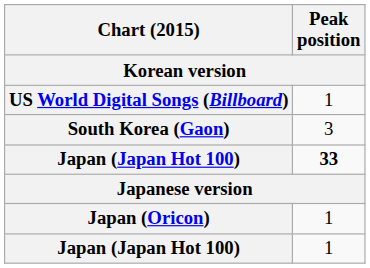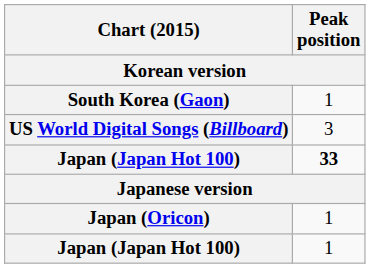 <table class="wikitable plainrowheaders" style="text-align:center;">
 <tr>
 <th>Chart (2015)</th>
 <th scope="col">Peak<br>position</th>
 </tr>
 <tr>
 <th colspan=2>Korean version</th>
 </tr>
 <tr>
-<th scope=row>US <a href='#'>World Digital Songs</a> (<em><a href='#'>Billboard</a></em>)</th>
+<th scope=row>South Korea (<a href='#'>Gaon</a>)</th>
 <td>1</td>
 </tr>
 <tr>
-<th scope=row>South Korea (<a href='#'>Gaon</a>)</th>
+<th scope=row>US <a href='#'>World Digital Songs</a> (<em><a href='#'>Billboard</a></em>)</th>
 <td>3</td>
 </tr>
 <tr>
 <th scope=row>Japan (<a href='#'>Japan Hot 100</a>)</th>
 <td><strong>33</strong></td>
 </tr>
 <tr>
 <th colspan=2>Japanese version</th>
 </tr>
 <tr>
 <th scope="row">Japan (<a href='#'>Oricon</a>)</th>
 <td>1</td>
 </tr>
 <tr>
 <th scope="row">Japan (Japan Hot 100)</th>
 <td>1</td>
 </tr>
 </table>
